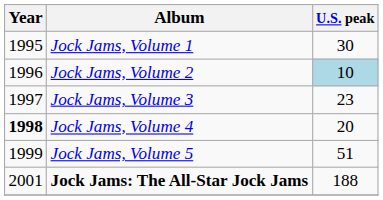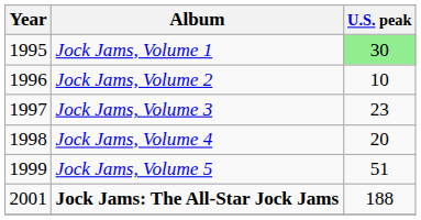 <table class="wikitable">
 <tr>
 <th>Year</th>
 <th>Album</th>
 <th><small><a href='#'>U.S.</a> peak</small></th>
 </tr>
 <tr>
 <td>1995</td>
 <td><em><a href='#'>Jock Jams, Volume 1</a></em></td>
-<td align="center">30</td>
+<td align="center" style="background: lightgreen;">30</td>
 </tr>
 <tr>
 <td>1996</td>
 <td><em><a href='#'>Jock Jams, Volume 2</a></em></td>
-<td align="center" style="background: lightblue;">10</td>
+<td align="center">10</td>
 </tr>
 <tr>
 <td>1997</td>
 <td><em><a href='#'>Jock Jams, Volume 3</a></em></td>
 <td align="center">23</td>
 </tr>
 <tr>
-<td><strong>1998</strong></td>
+<td>1998</td>
 <td><em><a href='#'>Jock Jams, Volume 4</a></em></td>
 <td align="center">20</td>
 </tr>
 <tr>
 <td>1999</td>
 <td><em><a href='#'>Jock Jams, Volume 5</a></em></td>
 <td align="center">51</td>
 </tr>
 <tr>
 <td>2001</td>
 <td><strong>Jock Jams: The All-Star Jock Jams</strong></td>
 <td align="center">188</td>
 </tr>
 <tr>
 </tr>
 </table>
